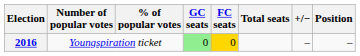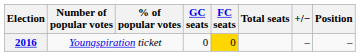 <table class="wikitable" style="text-align: right;">
 <tr align=center>
 <th><strong>Election</strong></th>
 <th>Number of<br>popular votes</th>
 <th>% of<br>popular votes</th>
 <th><a href='#'>GC</a><br>seats</th>
 <th><a href='#'>FC</a><br>seats</th>
 <th>Total seats</th>
 <th>+/−</th>
 <th>Position</th>
 </tr>
 <tr>
 <th><a href='#'>2016</a></th>
 <td align=center colspan=2><em><a href='#'>Youngspiration</a> ticket</em></td>
-<td style="background: lightgreen;">0</td>
+<td>0</td>
 <td style="background: gold;">0</td>
 <td></td>
 <td>–</td>
 <td>–</td>
 </tr>
 </table>
